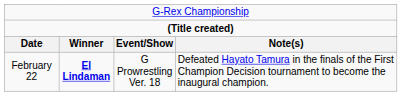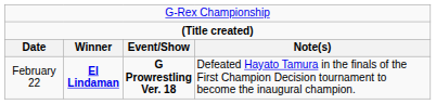 <table class="wikitable" style="text-align:center; width:100%;">
 <tr>
 <td colspan="4" style="text-align: center;"><a href='#'>G-Rex Championship</a></td>
 </tr>
 <tr>
 <td colspan="4" style="text-align: center;"><strong>(Title created)</strong></td>
 </tr>
 <tr>
 <th width=14%>Date</th>
 <th width=14%>Winner</th>
 <th width=14%>Event/Show</th>
 <th width=58%>Note(s)</th>
 </tr>
 <tr>
 <td>February 22</td>
 <td><strong><a href='#'>El Lindaman</a></strong></td>
-<td>G Prowrestling Ver. 18</td>
+<td><strong>G Prowrestling Ver. 18</strong></td>
 <td align=left>Defeated <a href='#'>Hayato Tamura</a> in the finals of the First Champion Decision tournament to become the inaugural champion.</td>
 </tr>
 </table>
